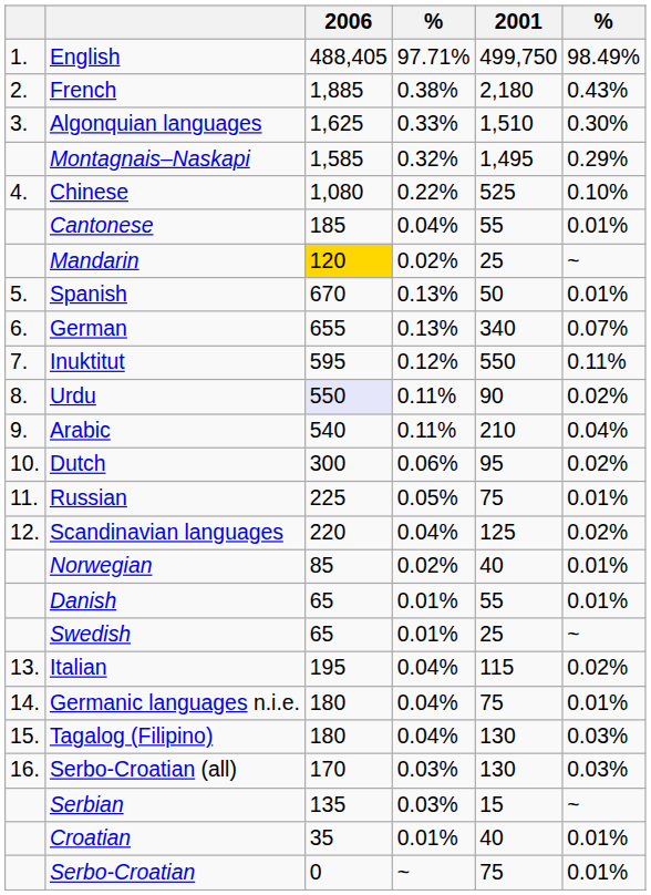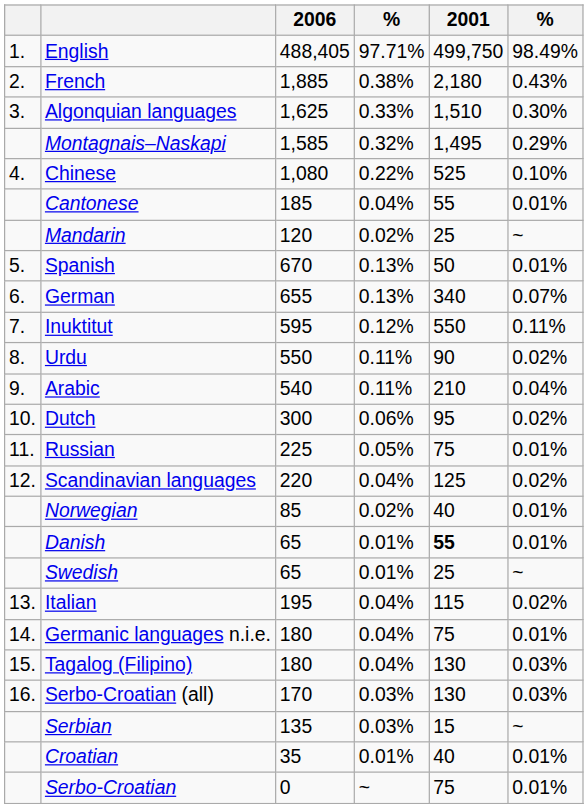 <table class="wikitable" align="left">
 <tr bgcolor="#CCCCCC">
 <th></th>
 <th></th>
 <th>2006</th>
 <th>%</th>
 <th>2001</th>
 <th>%</th>
 </tr>
 <tr>
 <td>1.</td>
 <td><a href='#'>English</a></td>
 <td>488,405</td>
 <td>97.71%</td>
 <td>499,750</td>
 <td>98.49%</td>
 </tr>
 <tr>
 <td>2.</td>
 <td><a href='#'>French</a></td>
 <td>1,885</td>
 <td>0.38%</td>
 <td>2,180</td>
 <td>0.43%</td>
 </tr>
 <tr>
 <td>3.</td>
 <td><a href='#'>Algonquian languages</a></td>
 <td>1,625</td>
 <td>0.33%</td>
 <td>1,510</td>
 <td>0.30%</td>
 </tr>
 <tr>
 <td></td>
 <td><em><a href='#'>Montagnais–Naskapi</a></em></td>
 <td>1,585</td>
 <td>0.32%</td>
 <td>1,495</td>
 <td>0.29%</td>
 </tr>
 <tr>
 <td>4.</td>
 <td><a href='#'>Chinese</a></td>
 <td>1,080</td>
 <td>0.22%</td>
 <td>525</td>
 <td>0.10%</td>
 </tr>
 <tr>
 <td></td>
 <td><em><a href='#'>Cantonese</a></em></td>
 <td>185</td>
 <td>0.04%</td>
 <td>55</td>
 <td>0.01%</td>
 </tr>
 <tr>
 <td></td>
 <td><em><a href='#'>Mandarin</a></em></td>
-<td style="background: gold;">120</td>
+<td>120</td>
 <td>0.02%</td>
 <td>25</td>
 <td>~</td>
 </tr>
 <tr>
 <td>5.</td>
 <td><a href='#'>Spanish</a></td>
 <td>670</td>
 <td>0.13%</td>
 <td>50</td>
 <td>0.01%</td>
 </tr>
 <tr>
 <td>6.</td>
 <td><a href='#'>German</a></td>
 <td>655</td>
 <td>0.13%</td>
 <td>340</td>
 <td>0.07%</td>
 </tr>
 <tr>
 <td>7.</td>
 <td><a href='#'>Inuktitut</a></td>
 <td>595</td>
 <td>0.12%</td>
 <td>550</td>
 <td>0.11%</td>
 </tr>
 <tr>
 <td>8.</td>
 <td><a href='#'>Urdu</a></td>
-<td style="background: lavender;">550</td>
+<td>550</td>
 <td>0.11%</td>
 <td>90</td>
 <td>0.02%</td>
 </tr>
 <tr>
 <td>9.</td>
 <td><a href='#'>Arabic</a></td>
 <td>540</td>
 <td>0.11%</td>
 <td>210</td>
 <td>0.04%</td>
 </tr>
 <tr>
 <td>10.</td>
 <td><a href='#'>Dutch</a></td>
 <td>300</td>
 <td>0.06%</td>
 <td>95</td>
 <td>0.02%</td>
 </tr>
 <tr>
 <td>11.</td>
 <td><a href='#'>Russian</a></td>
 <td>225</td>
 <td>0.05%</td>
 <td>75</td>
 <td>0.01%</td>
 </tr>
 <tr>
 <td>12.</td>
 <td><a href='#'>Scandinavian languages</a></td>
 <td>220</td>
 <td>0.04%</td>
 <td>125</td>
 <td>0.02%</td>
 </tr>
 <tr>
 <td></td>
 <td><em><a href='#'>Norwegian</a></em></td>
 <td>85</td>
 <td>0.02%</td>
 <td>40</td>
 <td>0.01%</td>
 </tr>
 <tr>
 <td></td>
 <td><em><a href='#'>Danish</a></em></td>
 <td>65</td>
 <td>0.01%</td>
-<td>55</td>
+<td><strong>55</strong></td>
 <td>0.01%</td>
 </tr>
 <tr>
 <td></td>
 <td><em><a href='#'>Swedish</a></em></td>
 <td>65</td>
 <td>0.01%</td>
 <td>25</td>
 <td>~</td>
 </tr>
 <tr>
 <td>13.</td>
 <td><a href='#'>Italian</a></td>
 <td>195</td>
 <td>0.04%</td>
 <td>115</td>
 <td>0.02%</td>
 </tr>
 <tr>
 <td>14.</td>
 <td><a href='#'>Germanic languages</a> n.i.e.</td>
 <td>180</td>
 <td>0.04%</td>
 <td>75</td>
 <td>0.01%</td>
 </tr>
 <tr>
 <td>15.</td>
 <td><a href='#'>Tagalog (Filipino)</a></td>
 <td>180</td>
 <td>0.04%</td>
 <td>130</td>
 <td>0.03%</td>
 </tr>
 <tr>
 <td>16.</td>
 <td><a href='#'>Serbo-Croatian</a> (all)</td>
 <td>170</td>
 <td>0.03%</td>
 <td>130</td>
 <td>0.03%</td>
 </tr>
 <tr>
 <td></td>
 <td><em><a href='#'>Serbian</a></em></td>
 <td>135</td>
 <td>0.03%</td>
 <td>15</td>
 <td>~</td>
 </tr>
 <tr>
 <td></td>
 <td><em><a href='#'>Croatian</a></em></td>
 <td>35</td>
 <td>0.01%</td>
 <td>40</td>
 <td>0.01%</td>
 </tr>
 <tr>
 <td></td>
 <td><em><a href='#'>Serbo-Croatian</a></em></td>
 <td>0</td>
 <td>~</td>
 <td>75</td>
 <td>0.01%</td>
 </tr>
 <tr>
 </tr>
 </table>
